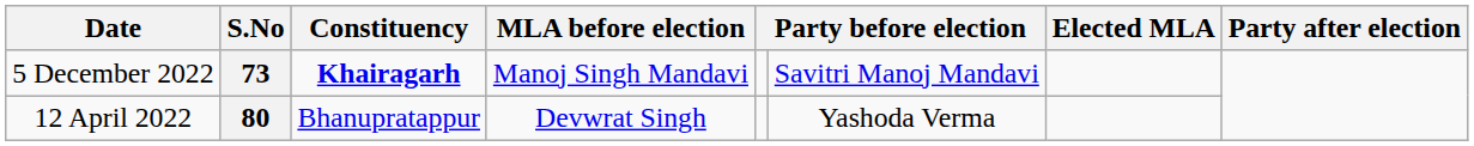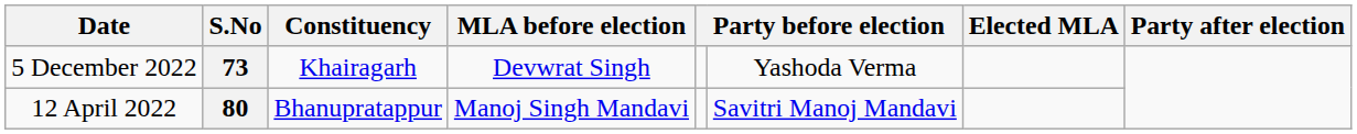 <table class="wikitable sortable" style="text-align:center;">
 <tr>
 <th>Date</th>
 <th>S.No</th>
 <th>Constituency</th>
 <th>MLA before election</th>
 <th colspan="2">Party before election</th>
 <th>Elected MLA</th>
 <th colspan="2">Party after election</th>
 </tr>
 <tr>
 <td>5 December 2022</td>
 <th>73</th>
-<td><strong><a href='#'>Khairagarh</a></strong></td>
-<td><a href='#'>Manoj Singh Mandavi</a></td>
+<td><a href='#'>Khairagarh</a></td>
+<td><a href='#'>Devwrat Singh</a></td>
 <td></td>
-<td><a href='#'>Savitri Manoj Mandavi</a></td>
+<td>Yashoda Verma</td>
 <td></td>
 </tr>
 <tr>
 <td>12 April 2022</td>
 <th>80</th>
 <td><a href='#'>Bhanupratappur</a></td>
-<td><a href='#'>Devwrat Singh</a></td>
+<td><a href='#'>Manoj Singh Mandavi</a></td>
 <td></td>
-<td>Yashoda Verma</td>
+<td><a href='#'>Savitri Manoj Mandavi</a></td>
 <td></td>
 </tr>
 </table>
